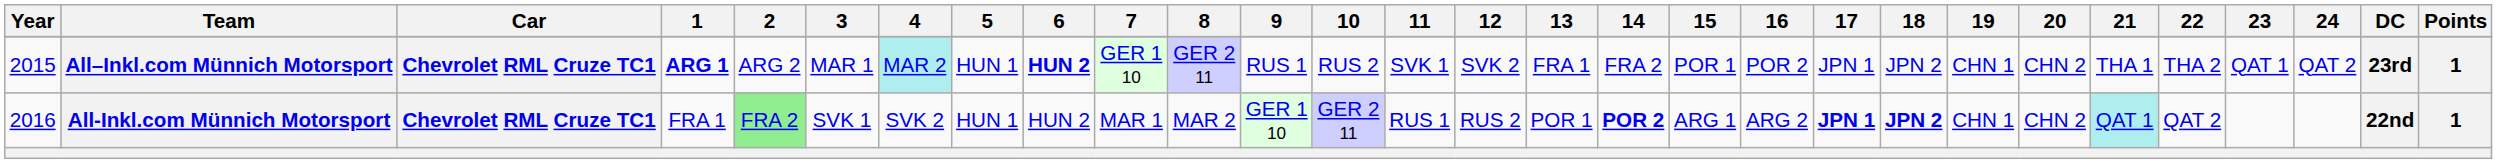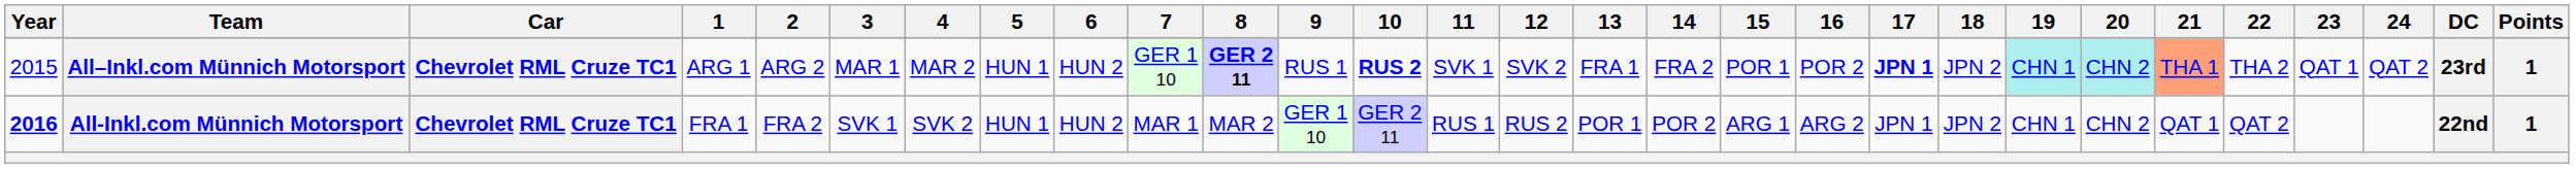 <table class="wikitable" style="text-align:center; font-size:85%">
 <tr>
 <th>Year</th>
 <th>Team</th>
 <th>Car</th>
 <th>1</th>
 <th>2</th>
 <th>3</th>
 <th>4</th>
 <th>5</th>
 <th>6</th>
 <th>7</th>
 <th>8</th>
 <th>9</th>
 <th>10</th>
 <th>11</th>
 <th>12</th>
 <th>13</th>
 <th>14</th>
 <th>15</th>
 <th>16</th>
 <th>17</th>
 <th>18</th>
 <th>19</th>
 <th>20</th>
 <th>21</th>
 <th>22</th>
 <th>23</th>
 <th>24</th>
 <th>DC</th>
 <th>Points</th>
 </tr>
 <tr>
 </tr>
 <tr>
 <td><a href='#'>2015</a></td>
 <th><a href='#'>All–Inkl.com Münnich Motorsport</a></th>
 <th><a href='#'>Chevrolet</a> <a href='#'>RML</a> <a href='#'>Cruze TC1</a></th>
-<td><strong><a href='#'>ARG 1</a></strong></td>
+<td><a href='#'>ARG 1</a></td>
 <td><a href='#'>ARG 2</a></td>
 <td><a href='#'>MAR 1</a></td>
-<td style="background: paleturquoise;"><a href='#'>MAR 2</a></td>
+<td><a href='#'>MAR 2</a></td>
 <td><a href='#'>HUN 1</a></td>
-<td><strong><a href='#'>HUN 2</a></strong></td>
+<td><a href='#'>HUN 2</a></td>
 <td style="background:#DFFFDF;"><a href='#'>GER 1</a><br><small>10</small></td>
-<td style="background:#CFCFFF;"><a href='#'>GER 2</a><br><small>11</small></td>
+<td style="background:#CFCFFF;"><strong><a href='#'>GER 2</a><br><small>11</small></strong></td>
 <td><a href='#'>RUS 1</a></td>
-<td><a href='#'>RUS 2</a></td>
+<td><strong><a href='#'>RUS 2</a></strong></td>
 <td><a href='#'>SVK 1</a></td>
 <td><a href='#'>SVK 2</a></td>
 <td><a href='#'>FRA 1</a></td>
 <td><a href='#'>FRA 2</a></td>
 <td><a href='#'>POR 1</a></td>
 <td><a href='#'>POR 2</a></td>
-<td><a href='#'>JPN 1</a></td>
+<td><strong><a href='#'>JPN 1</a></strong></td>
 <td><a href='#'>JPN 2</a></td>
-<td><a href='#'>CHN 1</a></td>
-<td><a href='#'>CHN 2</a></td>
-<td><a href='#'>THA 1</a></td>
+<td style="background: paleturquoise;"><a href='#'>CHN 1</a></td>
+<td style="background: paleturquoise;"><a href='#'>CHN 2</a></td>
+<td style="background: lightsalmon;"><a href='#'>THA 1</a></td>
 <td><a href='#'>THA 2</a></td>
 <td><a href='#'>QAT 1</a></td>
 <td><a href='#'>QAT 2</a></td>
 <th>23rd</th>
 <th>1</th>
 </tr>
 <tr>
-<td><a href='#'>2016</a></td>
+<td><strong><a href='#'>2016</a></strong></td>
 <th><a href='#'>All-Inkl.com Münnich Motorsport</a></th>
 <th><a href='#'>Chevrolet</a> <a href='#'>RML</a> <a href='#'>Cruze TC1</a></th>
 <td><a href='#'>FRA 1</a></td>
-<td style="background: lightgreen;"><a href='#'>FRA 2</a></td>
+<td><a href='#'>FRA 2</a></td>
 <td><a href='#'>SVK 1</a></td>
 <td><a href='#'>SVK 2</a></td>
 <td><a href='#'>HUN 1</a></td>
 <td><a href='#'>HUN 2</a></td>
 <td><a href='#'>MAR 1</a></td>
 <td><a href='#'>MAR 2</a></td>
 <td style="background:#DFFFDF;"><a href='#'>GER 1</a><br><small>10</small></td>
 <td style="background:#CFCFFF;"><a href='#'>GER 2</a><br><small>11</small></td>
 <td><a href='#'>RUS 1</a></td>
 <td><a href='#'>RUS 2</a></td>
 <td><a href='#'>POR 1</a></td>
-<td><strong><a href='#'>POR 2</a></strong></td>
+<td><a href='#'>POR 2</a></td>
 <td><a href='#'>ARG 1</a></td>
 <td><a href='#'>ARG 2</a></td>
-<td><strong><a href='#'>JPN 1</a></strong></td>
-<td><strong><a href='#'>JPN 2</a></strong></td>
+<td><a href='#'>JPN 1</a></td>
+<td><a href='#'>JPN 2</a></td>
 <td><a href='#'>CHN 1</a></td>
 <td><a href='#'>CHN 2</a></td>
-<td style="background: paleturquoise;"><a href='#'>QAT 1</a></td>
+<td><a href='#'>QAT 1</a></td>
 <td><a href='#'>QAT 2</a></td>
 <td></td>
 <td></td>
 <th>22nd</th>
 <th>1</th>
 </tr>
 <tr>
 <th colspan="29"></th>
 </tr>
 </table>
